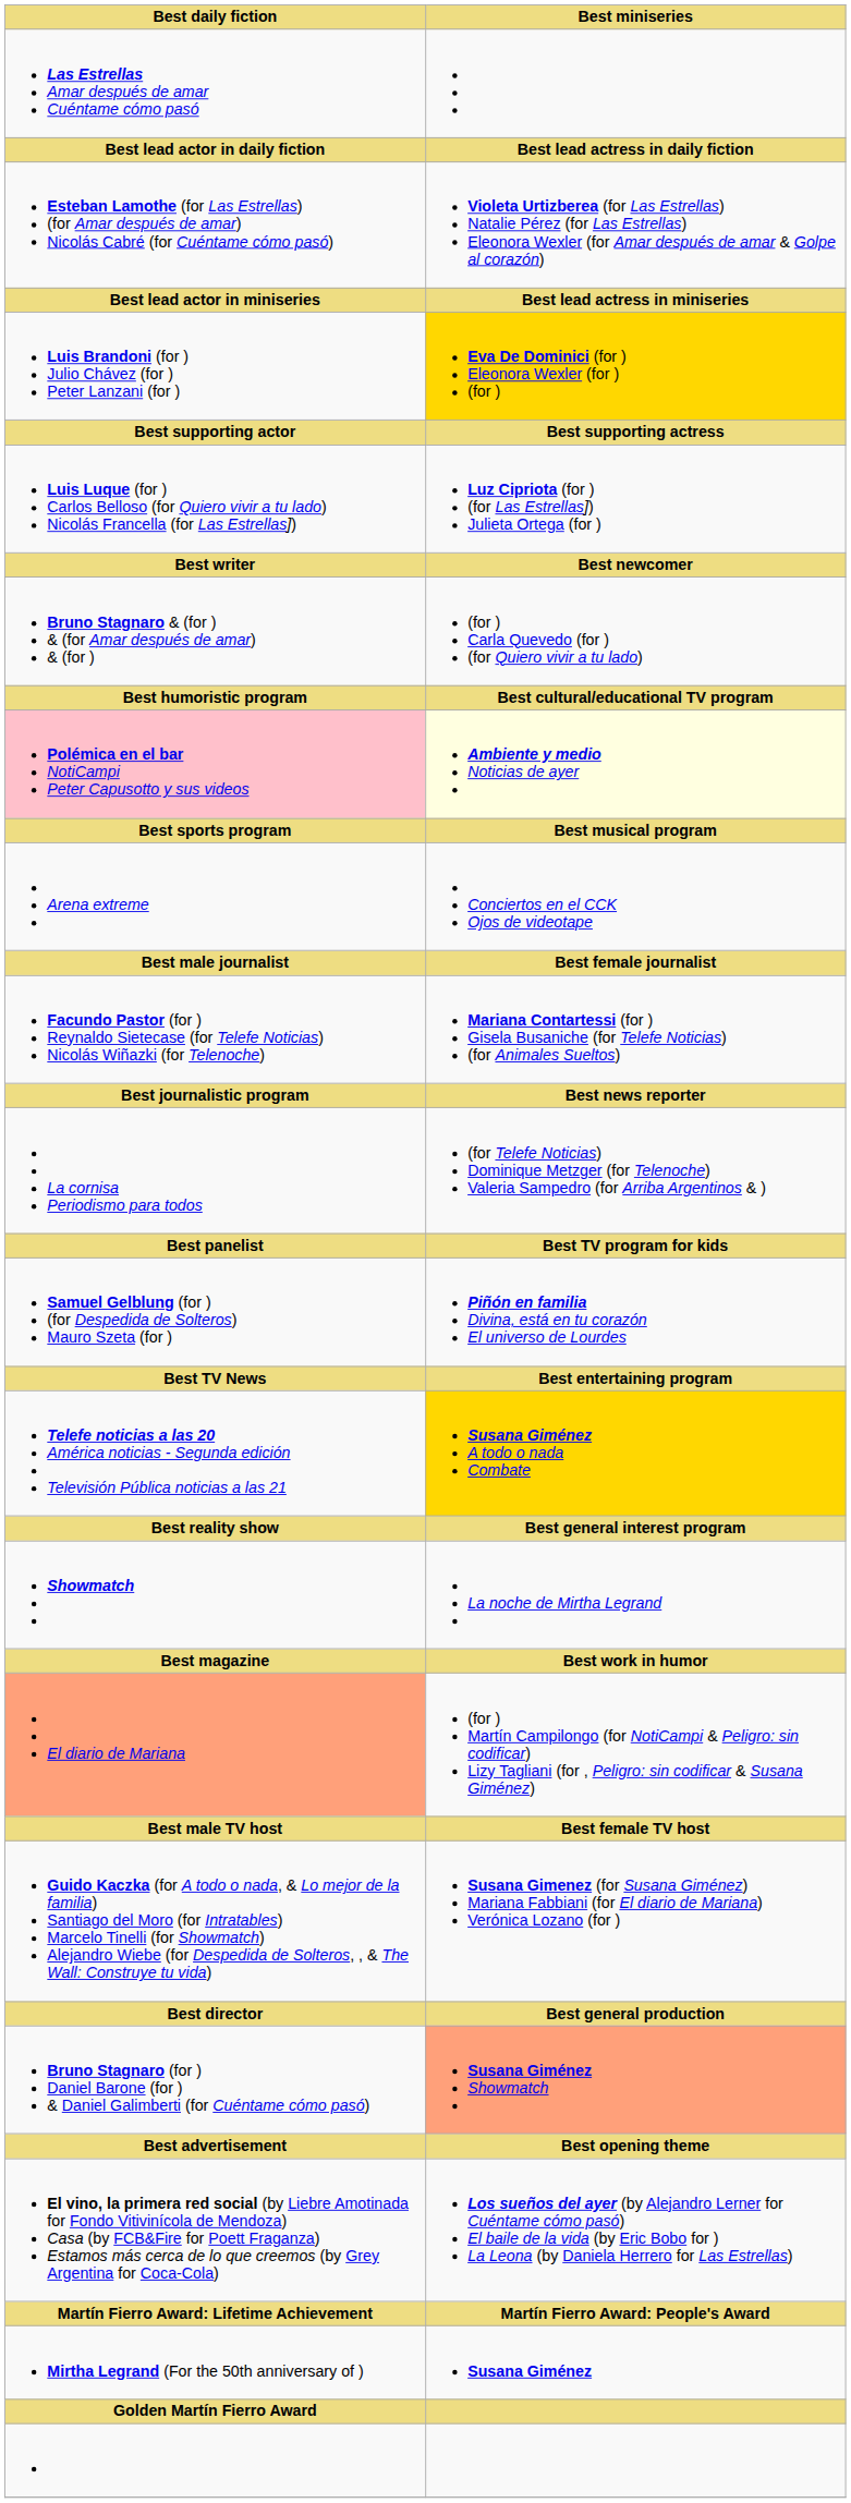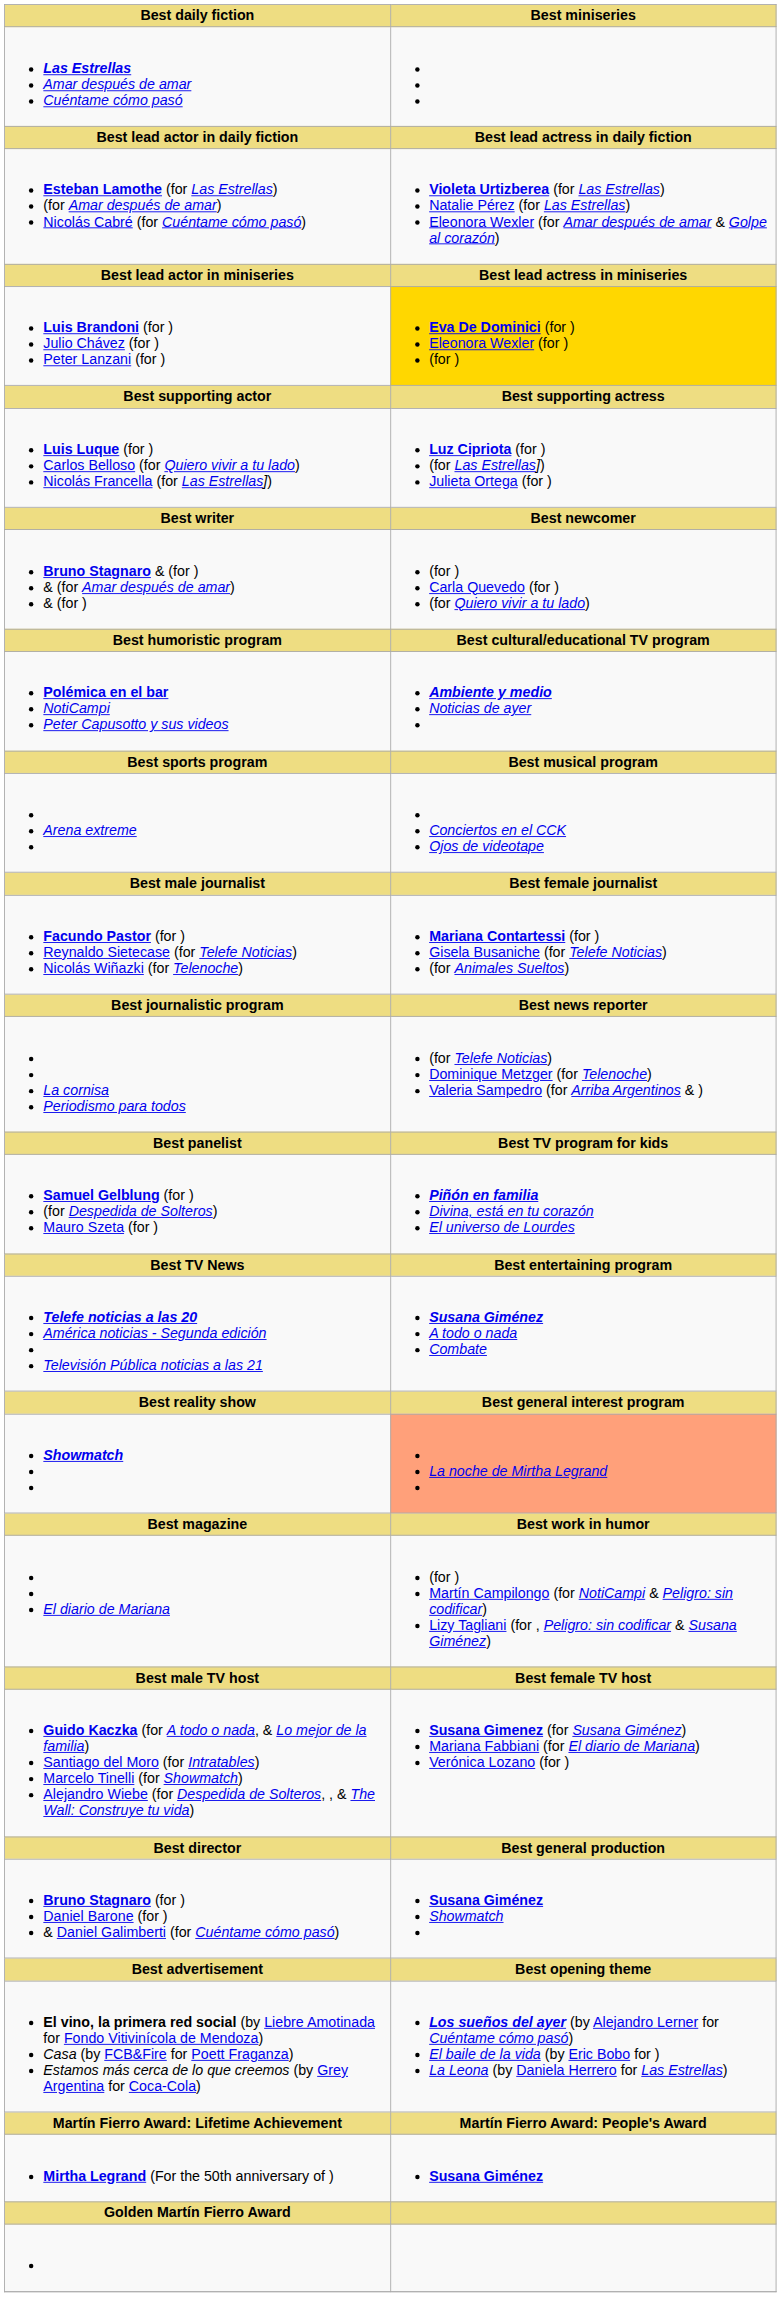 <table class=wikitable>
 <tr>
 <th style="background:#EEDD82; width:50%">Best daily fiction</th>
 <th style="background:#EEDD82; width:50%">Best miniseries</th>
 </tr>
 <tr>
 <td valign="top"><br><ul><li><strong><em><a href='#'>Las Estrellas</a></em></strong></li><li><em><a href='#'>Amar después de amar</a></em></li><li><em><a href='#'>Cuéntame cómo pasó</a></em></li></ul></td>
 <td valign="top"><br><ul><li><strong><em></em></strong></li><li><em></em></li><li><em></em></li></ul></td>
 </tr>
 <tr>
 <th style="background:#EEDD82; width:50%">Best lead actor in daily fiction</th>
 <th style="background:#EEDD82; width:50%">Best lead actress in daily fiction</th>
 </tr>
 <tr>
 <td valign="top"><br><ul><li><strong><a href='#'>Esteban Lamothe</a></strong> (for <em><a href='#'>Las Estrellas</a></em>)</li><li> (for <em><a href='#'>Amar después de amar</a></em>)</li><li><a href='#'>Nicolás Cabré</a> (for <em><a href='#'>Cuéntame cómo pasó</a></em>)</li></ul></td>
 <td valign="top"><br><ul><li><strong><a href='#'>Violeta Urtizberea</a></strong> (for <em><a href='#'>Las Estrellas</a></em>)</li><li><a href='#'>Natalie Pérez</a> (for <em><a href='#'>Las Estrellas</a></em>)</li><li><a href='#'>Eleonora Wexler</a> (for <em><a href='#'>Amar después de amar</a></em> & <em><a href='#'>Golpe al corazón</a></em>)</li></ul></td>
 </tr>
 <tr>
 <th style="background:#EEDD82; width:50%">Best lead actor in miniseries</th>
 <th style="background:#EEDD82; width:50%">Best lead actress in miniseries</th>
 </tr>
 <tr>
 <td valign="top"><br><ul><li><strong><a href='#'>Luis Brandoni</a></strong> (for <em></em>)</li><li><a href='#'>Julio Chávez</a> (for <em></em>)</li><li><a href='#'>Peter Lanzani</a> (for <em></em>)</li></ul></td>
 <td valign="top" style="background: gold;"><br><ul><li><strong><a href='#'>Eva De Dominici</a></strong> (for <em></em>)</li><li><a href='#'>Eleonora Wexler</a> (for <em></em>)</li><li> (for <em></em>)</li></ul></td>
 </tr>
 <tr>
 <th style="background:#EEDD82; width:50%">Best supporting actor</th>
 <th style="background:#EEDD82; width:50%">Best supporting actress</th>
 </tr>
 <tr>
 <td valign="top"><br><ul><li><strong><a href='#'>Luis Luque</a></strong> (for <em></em>)</li><li><a href='#'>Carlos Belloso</a> (for <em><a href='#'>Quiero vivir a tu lado</a></em>)</li><li><a href='#'>Nicolás Francella</a> (for <em><a href='#'>Las Estrellas</a>]</em>)</li></ul></td>
 <td valign="top"><br><ul><li><strong><a href='#'>Luz Cipriota</a></strong> (for <em></em>)</li><li> (for <em><a href='#'>Las Estrellas</a>]</em>)</li><li><a href='#'>Julieta Ortega</a> (for <em></em>)</li></ul></td>
 </tr>
 <tr>
 <th style="background:#EEDD82; width:50%">Best writer</th>
 <th style="background:#EEDD82; width:50%">Best newcomer</th>
 </tr>
 <tr>
 <td valign="top"><br><ul><li><strong><a href='#'>Bruno Stagnaro</a></strong> & <strong></strong> (for <em></em>)</li><li> &  (for <em><a href='#'>Amar después de amar</a></em>)</li><li> &  (for <em></em>)</li></ul></td>
 <td valign="top"><br><ul><li><strong></strong> (for <em></em>)</li><li><a href='#'>Carla Quevedo</a> (for <em></em>)</li><li> (for <em><a href='#'>Quiero vivir a tu lado</a></em>)</li></ul></td>
 </tr>
 <tr>
 <th style="background:#EEDD82; width:50%">Best humoristic program</th>
 <th style="background:#EEDD82; width:50%">Best cultural/educational TV program</th>
 </tr>
 <tr>
-<td valign="top" style="background: pink;"><br><ul><li><strong><a href='#'>Polémica en el bar</a></strong></li><li><em><a href='#'>NotiCampi</a></em></li><li><em><a href='#'>Peter Capusotto y sus videos</a></em></li></ul></td>
-<td valign="top" style="background: lightyellow;"><br><ul><li><strong><em><a href='#'>Ambiente y medio</a></em></strong></li><li><em><a href='#'>Noticias de ayer</a></em></li><li><em></em></li></ul></td>
+<td valign="top"><br><ul><li><strong><a href='#'>Polémica en el bar</a></strong></li><li><em><a href='#'>NotiCampi</a></em></li><li><em><a href='#'>Peter Capusotto y sus videos</a></em></li></ul></td>
+<td valign="top"><br><ul><li><strong><em><a href='#'>Ambiente y medio</a></em></strong></li><li><em><a href='#'>Noticias de ayer</a></em></li><li><em></em></li></ul></td>
 </tr>
 <tr>
 <th style="background:#EEDD82; width:50%">Best sports program</th>
 <th style="background:#EEDD82; width:50%">Best musical program</th>
 </tr>
 <tr>
 <td valign="top"><br><ul><li><strong><em></em></strong></li><li><em><a href='#'>Arena extreme</a></em></li><li><em></em></li></ul></td>
 <td valign="top"><br><ul><li><strong><em></em></strong></li><li><em><a href='#'>Conciertos en el CCK</a></em></li><li><em><a href='#'>Ojos de videotape</a></em></li></ul></td>
 </tr>
 <tr>
 <th style="background:#EEDD82; width:50%">Best male journalist</th>
 <th style="background:#EEDD82; width:50%">Best female journalist</th>
 </tr>
 <tr>
 <td valign="top"><br><ul><li><strong><a href='#'>Facundo Pastor</a></strong> (for <em></em>)</li><li><a href='#'>Reynaldo Sietecase</a> (for <em><a href='#'>Telefe Noticias</a></em>)</li><li><a href='#'>Nicolás Wiñazki</a> (for <em><a href='#'>Telenoche</a></em>)</li></ul></td>
 <td valign="top"><br><ul><li><strong><a href='#'>Mariana Contartessi</a></strong> (for <em></em>)</li><li><a href='#'>Gisela Busaniche</a> (for <em><a href='#'>Telefe Noticias</a></em>)</li><li> (for <em><a href='#'>Animales Sueltos</a></em>)</li></ul></td>
 </tr>
 <tr>
 <th style="background:#EEDD82; width:50%">Best journalistic program</th>
 <th style="background:#EEDD82; width:50%">Best news reporter</th>
 </tr>
 <tr>
 <td valign="top"><br><ul><li><strong><em></em></strong></li><li><em></em></li><li><em><a href='#'>La cornisa</a></em></li><li><em><a href='#'>Periodismo para todos</a></em></li></ul></td>
 <td valign="top"><br><ul><li><strong></strong> (for <em><a href='#'>Telefe Noticias</a></em>)</li><li><a href='#'>Dominique Metzger</a> (for <em><a href='#'>Telenoche</a></em>)</li><li><a href='#'>Valeria Sampedro</a> (for <em><a href='#'>Arriba Argentinos</a></em> & <em></em>)</li></ul></td>
 </tr>
 <tr>
 <th style="background:#EEDD82; width:50%">Best panelist</th>
 <th style="background:#EEDD82; width:50%">Best TV program for kids</th>
 </tr>
 <tr>
 <td valign="top"><br><ul><li><strong><a href='#'>Samuel Gelblung</a></strong> (for <em></em>)</li><li> (for <em><a href='#'>Despedida de Solteros</a></em>)</li><li><a href='#'>Mauro Szeta</a> (for <em></em>)</li></ul></td>
 <td valign="top"><br><ul><li><strong><em><a href='#'>Piñón en familia</a></em></strong></li><li><em><a href='#'>Divina, está en tu corazón</a></em></li><li><em><a href='#'>El universo de Lourdes</a></em></li></ul></td>
 </tr>
 <tr>
 <th style="background:#EEDD82; width:50%">Best TV News</th>
 <th style="background:#EEDD82; width:50%">Best entertaining program</th>
 </tr>
 <tr>
 <td valign="top"><br><ul><li><strong><em><a href='#'>Telefe noticias a las 20</a></em></strong></li><li><em><a href='#'>América noticias - Segunda edición</a></em></li><li><em></em></li><li><em><a href='#'>Televisión Pública noticias a las 21</a></em></li></ul></td>
-<td valign="top" style="background: gold;"><br><ul><li><strong><em><a href='#'>Susana Giménez</a></em></strong></li><li><em><a href='#'>A todo o nada</a></em></li><li><em><a href='#'>Combate</a></em></li></ul></td>
+<td valign="top"><br><ul><li><strong><em><a href='#'>Susana Giménez</a></em></strong></li><li><em><a href='#'>A todo o nada</a></em></li><li><em><a href='#'>Combate</a></em></li></ul></td>
 </tr>
 <tr>
 <th style="background:#EEDD82; width:50%">Best reality show</th>
 <th style="background:#EEDD82; width:50%">Best general interest program</th>
 </tr>
 <tr>
 <td valign="top"><br><ul><li><strong><em><a href='#'>Showmatch</a></em></strong></li><li><em></em></li><li><em></em></li></ul></td>
-<td valign="top"><br><ul><li><strong><em></em></strong></li><li><em><a href='#'>La noche de Mirtha Legrand</a></em></li><li><em></em></li></ul></td>
+<td valign="top" style="background: lightsalmon;"><br><ul><li><strong><em></em></strong></li><li><em><a href='#'>La noche de Mirtha Legrand</a></em></li><li><em></em></li></ul></td>
 </tr>
 <tr>
 <th style="background:#EEDD82; width:50%">Best magazine</th>
 <th style="background:#EEDD82; width:50%">Best work in humor</th>
 </tr>
 <tr>
-<td valign="top" style="background: lightsalmon;"><br><ul><li><strong><em></em></strong></li><li><em></em></li><li><em><a href='#'>El diario de Mariana</a></em></li></ul></td>
+<td valign="top"><br><ul><li><strong><em></em></strong></li><li><em></em></li><li><em><a href='#'>El diario de Mariana</a></em></li></ul></td>
 <td valign="top"><br><ul><li><strong></strong> (for <em></em>)</li><li><a href='#'>Martín Campilongo</a> (for <em><a href='#'>NotiCampi</a></em> & <em><a href='#'>Peligro: sin codificar</a></em>)</li><li><a href='#'>Lizy Tagliani</a> (for <em></em>, <em><a href='#'>Peligro: sin codificar</a></em> & <em><a href='#'>Susana Giménez</a></em>)</li></ul></td>
 </tr>
 <tr>
 <th style="background:#EEDD82; width:50%">Best male TV host</th>
 <th style="background:#EEDD82; width:50%">Best female TV host</th>
 </tr>
 <tr>
 <td valign="top"><br><ul><li><strong><a href='#'>Guido Kaczka</a></strong> (for <em><a href='#'>A todo o nada</a></em>, <em></em> & <em><a href='#'>Lo mejor de la familia</a></em>)</li><li><a href='#'>Santiago del Moro</a> (for <em><a href='#'>Intratables</a></em>)</li><li><a href='#'>Marcelo Tinelli</a> (for <em><a href='#'>Showmatch</a></em>)</li><li><a href='#'>Alejandro Wiebe</a> (for <em><a href='#'>Despedida de Solteros</a></em>, <em></em>, <em></em> & <em><a href='#'>The Wall: Construye tu vida</a></em>)</li></ul></td>
 <td valign="top"><br><ul><li><strong><a href='#'>Susana Gimenez</a></strong> (for <em><a href='#'>Susana Giménez</a></em>)</li><li><a href='#'>Mariana Fabbiani</a> (for <em><a href='#'>El diario de Mariana</a></em>)</li><li><a href='#'>Verónica Lozano</a> (for <em></em>)</li></ul></td>
 </tr>
 <tr>
 <th style="background:#EEDD82; width:50%">Best director</th>
 <th style="background:#EEDD82; width:50%">Best general production</th>
 </tr>
 <tr>
 <td valign="top"><br><ul><li><strong><a href='#'>Bruno Stagnaro</a></strong> (for <em></em>)</li><li><a href='#'>Daniel Barone</a> (for <em></em>)</li><li> & <a href='#'>Daniel Galimberti</a> (for <em><a href='#'>Cuéntame cómo pasó</a></em>)</li></ul></td>
-<td valign="top" style="background: lightsalmon;"><br><ul><li><strong><a href='#'>Susana Giménez</a></strong></li><li><em><a href='#'>Showmatch</a></em></li><li><em></em></li></ul></td>
+<td valign="top"><br><ul><li><strong><a href='#'>Susana Giménez</a></strong></li><li><em><a href='#'>Showmatch</a></em></li><li><em></em></li></ul></td>
 </tr>
 <tr>
 <th style="background:#EEDD82; width:50%">Best advertisement</th>
 <th style="background:#EEDD82; width:50%">Best opening theme</th>
 </tr>
 <tr>
 <td valign="top"><br><ul><li><strong>El vino, la primera red social</strong> (by <a href='#'>Liebre Amotinada</a> for <a href='#'>Fondo Vitivinícola de Mendoza</a>)</li><li><em>Casa</em> (by <a href='#'>FCB&Fire</a> for <a href='#'>Poett Fraganza</a>)</li><li><em>Estamos más cerca de lo que creemos	</em> (by <a href='#'>Grey Argentina</a> for <a href='#'>Coca-Cola</a>)</li></ul></td>
 <td valign="top"><br><ul><li><strong><em><a href='#'>Los sueños del ayer</a></em></strong> (by <a href='#'>Alejandro Lerner</a> for <em><a href='#'>Cuéntame cómo pasó</a></em>)</li><li><em><a href='#'>El baile de la vida</a></em> (by <a href='#'>Eric Bobo</a> for <em></em>)</li><li><em><a href='#'>La Leona</a></em> (by <a href='#'>Daniela Herrero</a> for <em><a href='#'>Las Estrellas</a></em>)</li></ul></td>
 </tr>
 <tr>
 <th style="background:#EEDD82; width:50%">Martín Fierro Award: Lifetime Achievement</th>
 <th style="background:#EEDD82; width:50%">Martín Fierro Award: People's Award</th>
 </tr>
 <tr>
 <td valign="top"><br><ul><li><strong><a href='#'>Mirtha Legrand</a></strong>  (For the 50th anniversary of <em></em>)</li></ul></td>
 <td valign="top"><br><ul><li><strong><a href='#'>Susana Giménez</a></strong></li></ul></td>
 </tr>
 <tr>
 <th style="background:#EEDD82; width:50%">Golden Martín Fierro Award</th>
 <th style="background:#EEDD82; width:50%"></th>
 </tr>
 <tr>
 <td valign="top"><br><ul><li><strong><em></em></strong></li></ul></td>
 <td valign="top"></td>
 </tr>
 <tr>
 </tr>
 </table>
